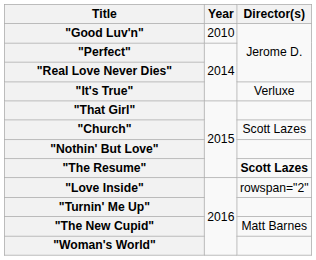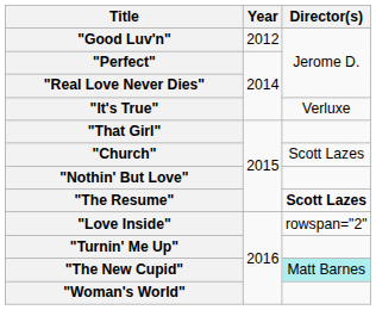 <table class="wikitable plainrowheaders" style="text-align:center;">
 <tr>
 <th scope="col" style="width:16em;">Title</th>
 <th scope="col">Year</th>
 <th scope="col">Director(s)</th>
 </tr>
 <tr>
 <th scope="row">"Good Luv'n"</th>
-<td>2010</td>
+<td>2012</td>
 <td rowspan="3">Jerome D.</td>
 </tr>
 <tr>
 <th scope="row">"Perfect"</th>
 <td rowspan="3">2014</td>
 </tr>
 <tr>
 <th scope="row">"Real Love Never Dies"</th>
 </tr>
 <tr>
 <th scope="row">"It's True"<br></th>
 <td>Verluxe</td>
 </tr>
 <tr>
 <th scope="row">"That Girl"<br></th>
 <td rowspan="4">2015</td>
 <td></td>
 </tr>
 <tr>
 <th scope="row">"Church"<br></th>
 <td>Scott Lazes</td>
 </tr>
 <tr>
 <th scope="row">"Nothin' But Love"<br></th>
 <td></td>
 </tr>
 <tr>
 <th scope="row">"The Resume"<br></th>
 <td><strong>Scott Lazes</strong></td>
 </tr>
 <tr>
 <th scope="row">"Love Inside"<br></th>
 <td rowspan="4">2016</td>
 <td>rowspan="2" </td>
 </tr>
 <tr>
 <th scope="row">"Turnin' Me Up"</th>
 </tr>
 <tr>
 <th scope="row">"The New Cupid"<br></th>
-<td>Matt Barnes</td>
+<td style="background: paleturquoise;">Matt Barnes</td>
 </tr>
 <tr>
 <th scope="row">"Woman's World"</th>
 <td></td>
 </tr>
 </table>
